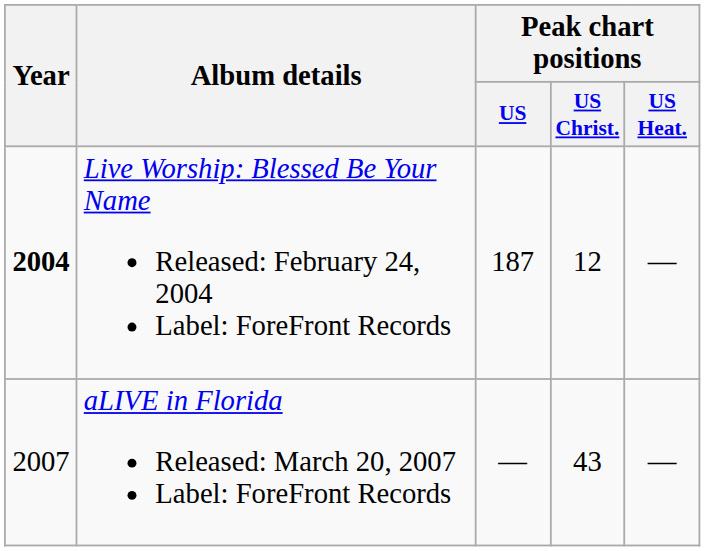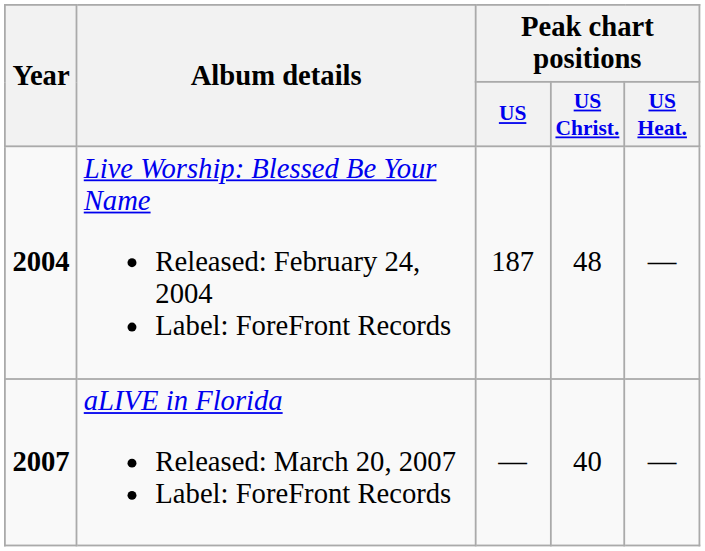 <table class="wikitable" style="text-align:center;">
 <tr>
 <th rowspan="2" width="33">Year</th>
 <th rowspan="2" width="215">Album details</th>
 <th colspan="3">Peak chart positions</th>
 </tr>
 <tr>
 <th style="width:3em;font-size:75%"><a href='#'>US</a></th>
 <th style="width:3em;font-size:75%"><a href='#'>US<br>Christ.</a></th>
 <th style="width:3em;font-size:75%"><a href='#'>US<br>Heat.</a></th>
 </tr>
 <tr>
 <td><strong>2004</strong></td>
 <td align="left"><em><a href='#'>Live Worship: Blessed Be Your Name</a></em><br><ul><li>Released: February 24, 2004</li><li>Label: ForeFront Records</li></ul></td>
 <td>187</td>
-<td>12</td>
+<td>48</td>
 <td>—</td>
 </tr>
 <tr>
-<td>2007</td>
+<td><strong>2007</strong></td>
 <td align="left"><em><a href='#'>aLIVE in Florida</a></em><br><ul><li>Released: March 20, 2007</li><li>Label: ForeFront Records</li></ul></td>
 <td>—</td>
-<td>43</td>
+<td>40</td>
 <td>—</td>
 </tr>
 </table>
